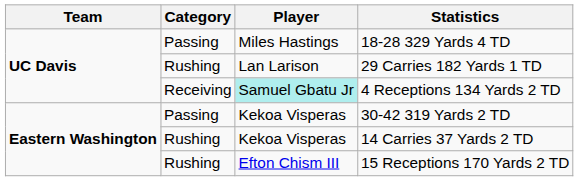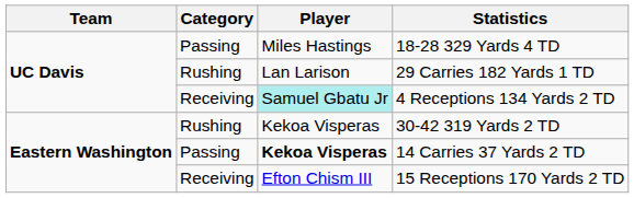 <table class="wikitable" style="float: right;">
 <tr>
 <th>Team</th>
 <th>Category</th>
 <th>Player</th>
 <th>Statistics</th>
 </tr>
 <tr>
 <td rowspan=3><strong>UC Davis</strong></td>
 <td>Passing</td>
 <td>Miles Hastings</td>
 <td>18-28 329 Yards 4 TD</td>
 </tr>
 <tr>
 <td>Rushing</td>
 <td>Lan Larison</td>
 <td>29 Carries 182 Yards 1 TD</td>
 </tr>
 <tr>
 <td>Receiving</td>
 <td style="background: paleturquoise;">Samuel Gbatu Jr</td>
 <td>4 Receptions 134 Yards 2 TD</td>
 </tr>
 <tr>
 <td rowspan=3><strong>Eastern Washington</strong></td>
-<td>Passing</td>
+<td>Rushing</td>
 <td>Kekoa Visperas</td>
 <td>30-42 319 Yards 2 TD</td>
 </tr>
 <tr>
-<td>Rushing</td>
-<td>Kekoa Visperas</td>
+<td>Passing</td>
+<td><strong>Kekoa Visperas</strong></td>
 <td>14 Carries 37 Yards 2 TD</td>
 </tr>
 <tr>
-<td>Rushing</td>
+<td>Receiving</td>
 <td><a href='#'>Efton Chism III</a></td>
 <td>15 Receptions 170 Yards 2 TD</td>
 </tr>
 </table>
